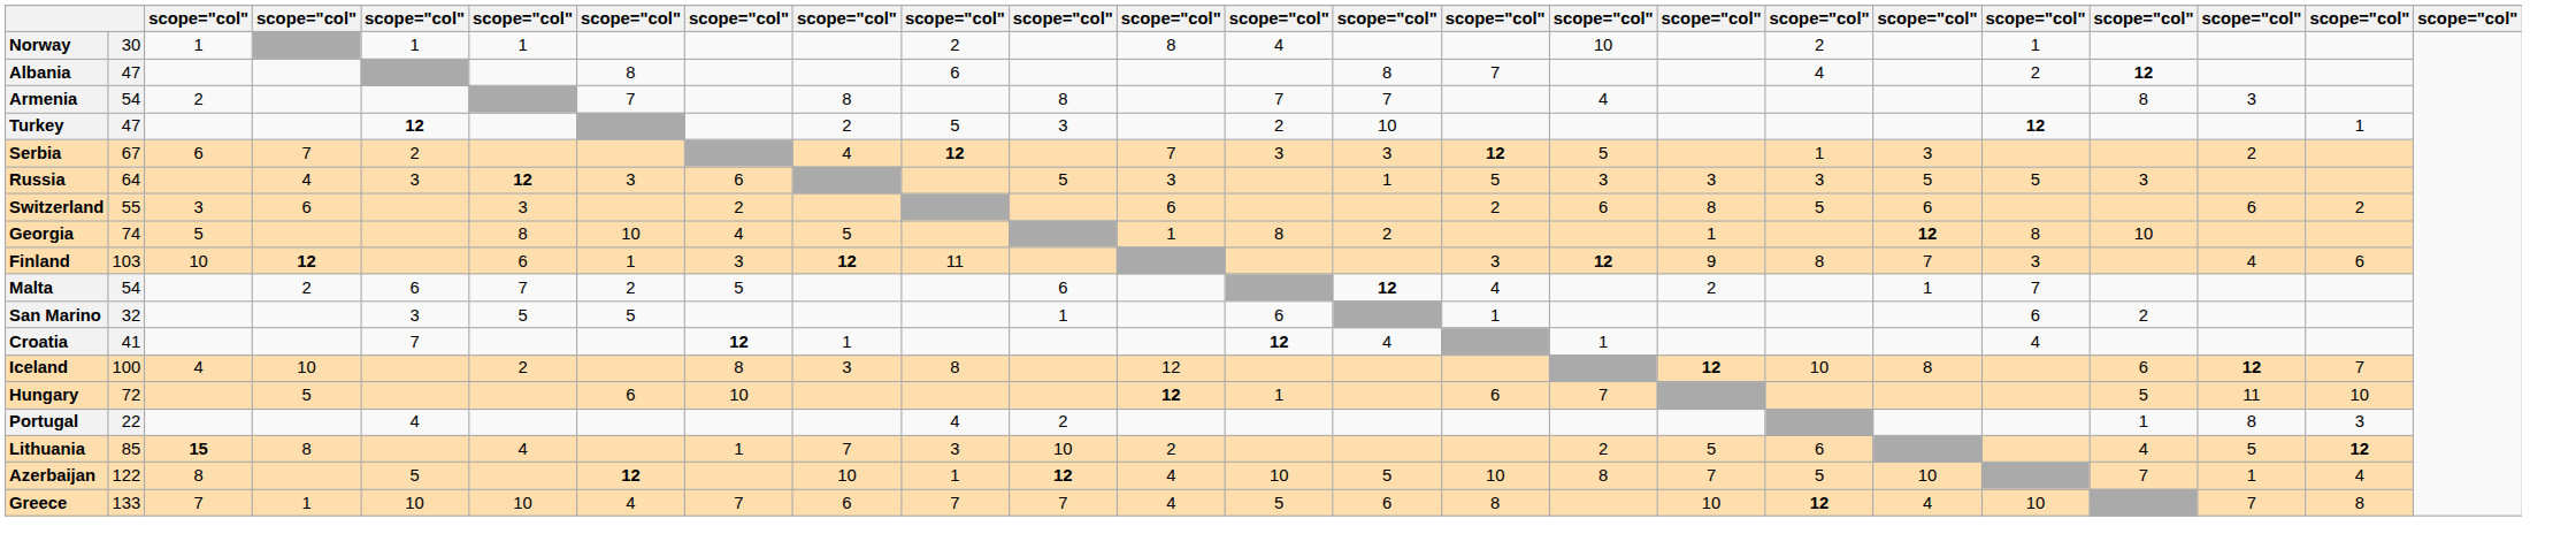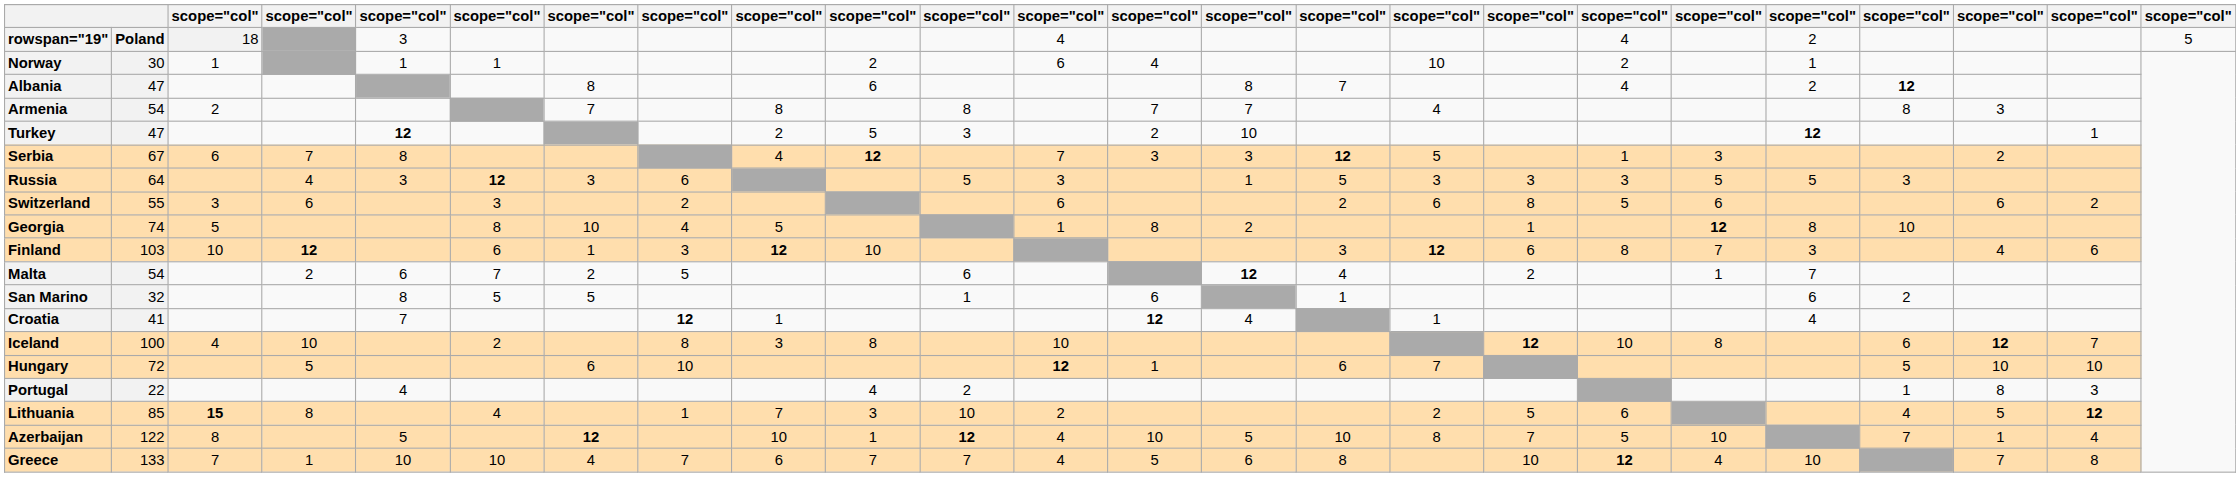 <table class="wikitable plainrowheaders" style="text-align:center; font-size:85%;">
 <tr>
 </tr>
 <tr>
 <th colspan="2"></th>
 <th>scope="col" </th>
 <th>scope="col" </th>
 <th>scope="col" </th>
 <th>scope="col" </th>
 <th>scope="col" </th>
 <th>scope="col" </th>
 <th>scope="col" </th>
 <th>scope="col" </th>
 <th>scope="col" </th>
 <th>scope="col" </th>
 <th>scope="col" </th>
 <th>scope="col" </th>
 <th>scope="col" </th>
 <th>scope="col" </th>
 <th>scope="col" </th>
 <th>scope="col" </th>
 <th>scope="col" </th>
 <th>scope="col" </th>
 <th>scope="col" </th>
 <th>scope="col" </th>
 <th>scope="col" </th>
 <th>scope="col" </th>
 </tr>
 <tr>
+<th>rowspan="19" </th>
+<th scope="row" style="text-align:left; background:#f2f2f2;">Poland</th>
+<td style="text-align:right; background:#f2f2f2;">18</td>
+<td style="text-align:left; background:#aaa;"></td>
+<td>3</td>
+<td></td>
+<td></td>
+<td></td>
+<td></td>
+<td></td>
+<td></td>
+<td>4</td>
+<td></td>
+<td></td>
+<td></td>
+<td></td>
+<td></td>
+<td>4</td>
+<td></td>
+<td>2</td>
+<td></td>
+<td></td>
+<td></td>
+<td>5</td>
+</tr>
+<tr>
 <th scope="row" style="text-align:left; background:#f2f2f2;">Norway</th>
 <td style="text-align:right; background:#f2f2f2;">30</td>
 <td>1</td>
 <td style="text-align:left; background:#aaa;"></td>
 <td>1</td>
 <td>1</td>
 <td></td>
 <td></td>
 <td></td>
 <td>2</td>
 <td></td>
-<td>8</td>
+<td>6</td>
 <td>4</td>
 <td></td>
 <td></td>
 <td>10</td>
 <td></td>
 <td>2</td>
 <td></td>
 <td>1</td>
 <td></td>
 <td></td>
 <td></td>
 </tr>
 <tr>
 <th scope="row" style="text-align:left; background:#f2f2f2;">Albania</th>
 <td style="text-align:right; background:#f2f2f2;">47</td>
 <td></td>
 <td></td>
 <td style="text-align:left; background:#aaa;"></td>
 <td></td>
 <td>8</td>
 <td></td>
 <td></td>
 <td>6</td>
 <td></td>
 <td></td>
 <td></td>
 <td>8</td>
 <td>7</td>
 <td></td>
 <td></td>
 <td>4</td>
 <td></td>
 <td>2</td>
 <td><strong>12</strong></td>
 <td></td>
 <td></td>
 </tr>
 <tr>
 <th scope="row" style="text-align:left; background:#f2f2f2;">Armenia</th>
 <td style="text-align:right; background:#f2f2f2;">54</td>
 <td>2</td>
 <td></td>
 <td></td>
 <td style="text-align:left; background:#aaa;"></td>
 <td>7</td>
 <td></td>
 <td>8</td>
 <td></td>
 <td>8</td>
 <td></td>
 <td>7</td>
 <td>7</td>
 <td></td>
 <td>4</td>
 <td></td>
 <td></td>
 <td></td>
 <td></td>
 <td>8</td>
 <td>3</td>
 <td></td>
 </tr>
 <tr>
 <th scope="row" style="text-align:left; background:#f2f2f2;">Turkey</th>
 <td style="text-align:right; background:#f2f2f2;">47</td>
 <td></td>
 <td></td>
 <td><strong>12</strong></td>
 <td></td>
 <td style="text-align:left; background:#aaa;"></td>
 <td></td>
 <td>2</td>
 <td>5</td>
 <td>3</td>
 <td></td>
 <td>2</td>
 <td>10</td>
 <td></td>
 <td></td>
 <td></td>
 <td></td>
 <td></td>
 <td><strong>12</strong></td>
 <td></td>
 <td></td>
 <td>1</td>
 </tr>
 <tr style="background:#ffdead;">
 <th scope="row" style="text-align:left; font-weight:bold; background:#ffdead;">Serbia</th>
 <td style="text-align:right;">67</td>
 <td>6</td>
 <td>7</td>
-<td>2</td>
+<td>8</td>
 <td></td>
 <td></td>
 <td style="text-align:left; background:#aaa;"></td>
 <td>4</td>
 <td><strong>12</strong></td>
 <td></td>
 <td>7</td>
 <td>3</td>
 <td>3</td>
 <td><strong>12</strong></td>
 <td>5</td>
 <td></td>
 <td>1</td>
 <td>3</td>
 <td></td>
 <td></td>
 <td>2</td>
 <td></td>
 </tr>
 <tr style="background:#ffdead;">
 <th scope="row" style="text-align:left; font-weight:bold; background:#ffdead;">Russia</th>
 <td style="text-align:right;">64</td>
 <td></td>
 <td>4</td>
 <td>3</td>
 <td><strong>12</strong></td>
 <td>3</td>
 <td>6</td>
 <td style="text-align:left; background:#aaa;"></td>
 <td></td>
 <td>5</td>
 <td>3</td>
 <td></td>
 <td>1</td>
 <td>5</td>
 <td>3</td>
 <td>3</td>
 <td>3</td>
 <td>5</td>
 <td>5</td>
 <td>3</td>
 <td></td>
 <td></td>
 </tr>
 <tr style="background:#ffdead;">
 <th scope="row" style="text-align:left; font-weight:bold; background:#ffdead;">Switzerland</th>
 <td style="text-align:right;">55</td>
 <td>3</td>
 <td>6</td>
 <td></td>
 <td>3</td>
 <td></td>
 <td>2</td>
 <td></td>
 <td style="text-align:left; background:#aaa;"></td>
 <td></td>
 <td>6</td>
 <td></td>
 <td></td>
 <td>2</td>
 <td>6</td>
 <td>8</td>
 <td>5</td>
 <td>6</td>
 <td></td>
 <td></td>
 <td>6</td>
 <td>2</td>
 </tr>
 <tr style="background:#ffdead;">
 <th scope="row" style="text-align:left; font-weight:bold; background:#ffdead;">Georgia</th>
 <td style="text-align:right;">74</td>
 <td>5</td>
 <td></td>
 <td></td>
 <td>8</td>
 <td>10</td>
 <td>4</td>
 <td>5</td>
 <td></td>
 <td style="text-align:left; background:#aaa;"></td>
 <td>1</td>
 <td>8</td>
 <td>2</td>
 <td></td>
 <td></td>
 <td>1</td>
 <td></td>
 <td><strong>12</strong></td>
 <td>8</td>
 <td>10</td>
 <td></td>
 <td></td>
 </tr>
 <tr style="background:#ffdead;">
 <th scope="row" style="text-align:left; font-weight:bold; background:#ffdead;">Finland</th>
 <td style="text-align:right;">103</td>
 <td>10</td>
 <td><strong>12</strong></td>
 <td></td>
 <td>6</td>
 <td>1</td>
 <td>3</td>
 <td><strong>12</strong></td>
-<td>11</td>
+<td>10</td>
 <td></td>
 <td style="text-align:left; background:#aaa;"></td>
 <td></td>
 <td></td>
 <td>3</td>
 <td><strong>12</strong></td>
-<td>9</td>
+<td>6</td>
 <td>8</td>
 <td>7</td>
 <td>3</td>
 <td></td>
 <td>4</td>
 <td>6</td>
 </tr>
 <tr>
 <th scope="row" style="text-align:left; background:#f2f2f2;">Malta</th>
 <td style="text-align:right; background:#f2f2f2;">54</td>
 <td></td>
 <td>2</td>
 <td>6</td>
 <td>7</td>
 <td>2</td>
 <td>5</td>
 <td></td>
 <td></td>
 <td>6</td>
 <td></td>
 <td style="text-align:left; background:#aaa;"></td>
 <td><strong>12</strong></td>
 <td>4</td>
 <td></td>
 <td>2</td>
 <td></td>
 <td>1</td>
 <td>7</td>
 <td></td>
 <td></td>
 <td></td>
 </tr>
 <tr>
 <th scope="row" style="text-align:left; background:#f2f2f2;">San Marino</th>
 <td style="text-align:right; background:#f2f2f2;">32</td>
 <td></td>
 <td></td>
-<td>3</td>
+<td>8</td>
 <td>5</td>
 <td>5</td>
 <td></td>
 <td></td>
 <td></td>
 <td>1</td>
 <td></td>
 <td>6</td>
 <td style="text-align:left; background:#aaa;"></td>
 <td>1</td>
 <td></td>
 <td></td>
 <td></td>
 <td></td>
 <td>6</td>
 <td>2</td>
 <td></td>
 <td></td>
 </tr>
 <tr>
 <th scope="row" style="text-align:left; background:#f2f2f2;">Croatia</th>
 <td style="text-align:right; background:#f2f2f2;">41</td>
 <td></td>
 <td></td>
 <td>7</td>
 <td></td>
 <td></td>
 <td><strong>12</strong></td>
 <td>1</td>
 <td></td>
 <td></td>
 <td></td>
 <td><strong>12</strong></td>
 <td>4</td>
 <td style="text-align:left; background:#aaa;"></td>
 <td>1</td>
 <td></td>
 <td></td>
 <td></td>
 <td>4</td>
 <td></td>
 <td></td>
 <td></td>
 </tr>
 <tr style="background:#ffdead;">
 <th scope="row" style="text-align:left; font-weight:bold; background:#ffdead;">Iceland</th>
 <td style="text-align:right;">100</td>
 <td>4</td>
 <td>10</td>
 <td></td>
 <td>2</td>
 <td></td>
 <td>8</td>
 <td>3</td>
 <td>8</td>
 <td></td>
-<td>12</td>
+<td>10</td>
 <td></td>
 <td></td>
 <td></td>
 <td style="text-align:left; background:#aaa;"></td>
 <td><strong>12</strong></td>
 <td>10</td>
 <td>8</td>
 <td></td>
 <td>6</td>
 <td><strong>12</strong></td>
 <td>7</td>
 </tr>
 <tr style="background:#ffdead;">
 <th scope="row" style="text-align:left; font-weight:bold; background:#ffdead;">Hungary</th>
 <td style="text-align:right;">72</td>
 <td></td>
 <td>5</td>
 <td></td>
 <td></td>
 <td>6</td>
 <td>10</td>
 <td></td>
 <td></td>
 <td></td>
 <td><strong>12</strong></td>
 <td>1</td>
 <td></td>
 <td>6</td>
 <td>7</td>
 <td style="text-align:left; background:#aaa;"></td>
 <td></td>
 <td></td>
 <td></td>
 <td>5</td>
-<td>11</td>
+<td>10</td>
 <td>10</td>
 </tr>
 <tr>
 <th scope="row" style="text-align:left; background:#f2f2f2;">Portugal</th>
 <td style="text-align:right; background:#f2f2f2;">22</td>
 <td></td>
 <td></td>
 <td>4</td>
 <td></td>
 <td></td>
 <td></td>
 <td></td>
 <td>4</td>
 <td>2</td>
 <td></td>
 <td></td>
 <td></td>
 <td></td>
 <td></td>
 <td></td>
 <td style="text-align:left; background:#aaa;"></td>
 <td></td>
 <td></td>
 <td>1</td>
 <td>8</td>
 <td>3</td>
 </tr>
 <tr style="background:#ffdead;">
 <th scope="row" style="text-align:left; font-weight:bold; background:#ffdead;">Lithuania</th>
 <td style="text-align:right;">85</td>
 <td><strong>15</strong></td>
 <td>8</td>
 <td></td>
 <td>4</td>
 <td></td>
 <td>1</td>
 <td>7</td>
 <td>3</td>
 <td>10</td>
 <td>2</td>
 <td></td>
 <td></td>
 <td></td>
 <td>2</td>
 <td>5</td>
 <td>6</td>
 <td style="text-align:left; background:#aaa;"></td>
 <td></td>
 <td>4</td>
 <td>5</td>
 <td><strong>12</strong></td>
 </tr>
 <tr style="background:#ffdead;">
 <th scope="row" style="text-align:left; font-weight:bold; background:#ffdead;">Azerbaijan</th>
 <td style="text-align:right;">122</td>
 <td>8</td>
 <td></td>
 <td>5</td>
 <td></td>
 <td><strong>12</strong></td>
 <td></td>
 <td>10</td>
 <td>1</td>
 <td><strong>12</strong></td>
 <td>4</td>
 <td>10</td>
 <td>5</td>
 <td>10</td>
 <td>8</td>
 <td>7</td>
 <td>5</td>
 <td>10</td>
 <td style="text-align:left; background:#aaa;"></td>
 <td>7</td>
 <td>1</td>
 <td>4</td>
 </tr>
 <tr style="background:#ffdead;">
 <th scope="row" style="text-align:left; font-weight:bold; background:#ffdead;">Greece</th>
 <td style="text-align:right;">133</td>
 <td>7</td>
 <td>1</td>
 <td>10</td>
 <td>10</td>
 <td>4</td>
 <td>7</td>
 <td>6</td>
 <td>7</td>
 <td>7</td>
 <td>4</td>
 <td>5</td>
 <td>6</td>
 <td>8</td>
 <td></td>
 <td>10</td>
 <td><strong>12</strong></td>
 <td>4</td>
 <td>10</td>
 <td style="text-align:left; background:#aaa;"></td>
 <td>7</td>
 <td>8</td>
 </tr>
 </table>
